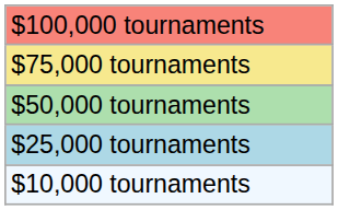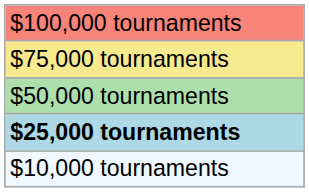 <table class="wikitable"  style="font-size:85%; width:14%;">
 <tr style="background:#f88379;">
 <td>$100,000 tournaments</td>
 </tr>
 <tr style="background:#f7e98e;">
 <td>$75,000 tournaments</td>
 </tr>
 <tr style="background:#addfad;">
 <td>$50,000 tournaments</td>
 </tr>
 <tr style="background:lightblue;">
-<td>$25,000 tournaments</td>
+<td><strong>$25,000 tournaments</strong></td>
 </tr>
 <tr style="background:#f0f8ff;">
 <td>$10,000 tournaments</td>
 </tr>
 </table>
